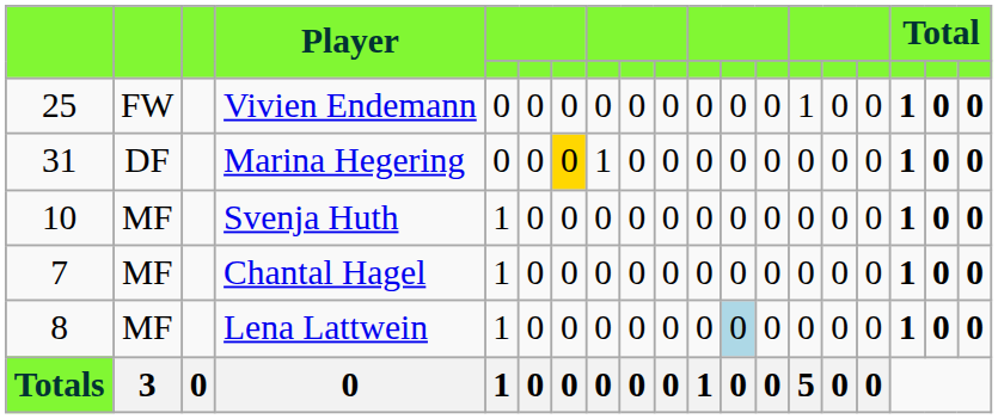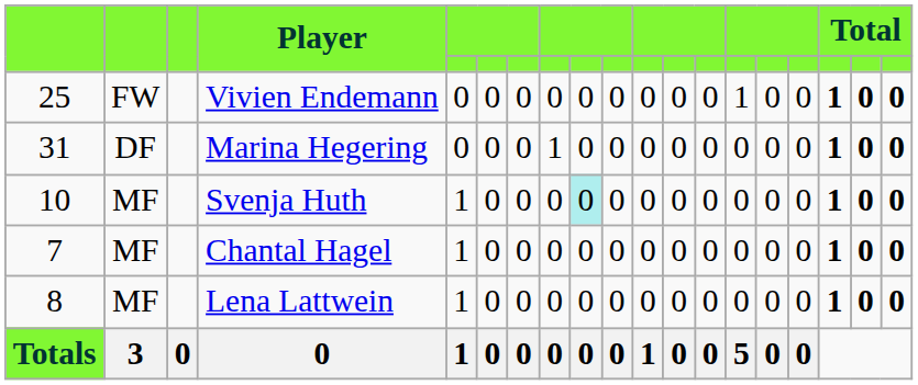 <table class="wikitable" style="text-align:center;">
 <tr>
 <th rowspan=2 style="background:#81F733; color:#003333; "></th>
 <th rowspan=2 style="background:#81F733; color:#003333; "></th>
 <th rowspan=2 style="background:#81F733; color:#003333; "></th>
 <th rowspan=2 style="background:#81F733; color:#003333; ">Player</th>
 <th colspan=3 style="background:#81F733; color:#003333; "></th>
 <th colspan=3 style="background:#81F733; color:#003333; "></th>
 <th colspan=3 style="background:#81F733; color:#003333; "></th>
 <th colspan=3 style="background:#81F733; color:#003333; "></th>
 <th colspan=3 style="background:#81F733; color:#003333; ">Total</th>
 </tr>
 <tr>
 <th style="background:#81F733; color:#003333; "></th>
 <th style="background:#81F733; color:#003333; "></th>
 <th style="background:#81F733; color:#003333; "></th>
 <th style="background:#81F733; color:#003333; "></th>
 <th style="background:#81F733; color:#003333; "></th>
 <th style="background:#81F733; color:#003333; "></th>
 <th style="background:#81F733; color:#003333; "></th>
 <th style="background:#81F733; color:#003333; "></th>
 <th style="background:#81F733; color:#003333; "></th>
 <th style="background:#81F733; color:#003333; "></th>
 <th style="background:#81F733; color:#003333; "></th>
 <th style="background:#81F733; color:#003333; "></th>
 <th style="background:#81F733; color:#003333; "></th>
 <th style="background:#81F733; color:#003333; "></th>
 <th style="background:#81F733; color:#003333; "></th>
 </tr>
 <tr>
 <td>25</td>
 <td>FW</td>
 <td></td>
 <td align="left"><a href='#'>Vivien Endemann</a></td>
 <td>0</td>
 <td>0</td>
 <td>0</td>
 <td>0</td>
 <td>0</td>
 <td>0</td>
 <td>0</td>
 <td>0</td>
 <td>0</td>
 <td>1</td>
 <td>0</td>
 <td>0</td>
 <td><strong>1</strong></td>
 <td><strong>0</strong></td>
 <td><strong>0</strong></td>
 </tr>
 <tr>
 <td>31</td>
 <td>DF</td>
 <td></td>
 <td align="left"><a href='#'>Marina Hegering</a></td>
 <td>0</td>
 <td>0</td>
-<td style="background: gold;">0</td>
+<td>0</td>
 <td>1</td>
 <td>0</td>
 <td>0</td>
 <td>0</td>
 <td>0</td>
 <td>0</td>
 <td>0</td>
 <td>0</td>
 <td>0</td>
 <td><strong>1</strong></td>
 <td><strong>0</strong></td>
 <td><strong>0</strong></td>
 </tr>
 <tr>
 <td>10</td>
 <td>MF</td>
 <td></td>
 <td align="left"><a href='#'>Svenja Huth</a></td>
 <td>1</td>
 <td>0</td>
 <td>0</td>
 <td>0</td>
-<td>0</td>
+<td style="background: paleturquoise;">0</td>
 <td>0</td>
 <td>0</td>
 <td>0</td>
 <td>0</td>
 <td>0</td>
 <td>0</td>
 <td>0</td>
 <td><strong>1</strong></td>
 <td><strong>0</strong></td>
 <td><strong>0</strong></td>
 </tr>
 <tr>
 <td>7</td>
 <td>MF</td>
 <td></td>
 <td align="left"><a href='#'>Chantal Hagel</a></td>
 <td>1</td>
 <td>0</td>
 <td>0</td>
 <td>0</td>
 <td>0</td>
 <td>0</td>
 <td>0</td>
 <td>0</td>
 <td>0</td>
 <td>0</td>
 <td>0</td>
 <td>0</td>
 <td><strong>1</strong></td>
 <td><strong>0</strong></td>
 <td><strong>0</strong></td>
 </tr>
 <tr>
 <td>8</td>
 <td>MF</td>
 <td></td>
 <td align="left"><a href='#'>Lena Lattwein</a></td>
 <td>1</td>
 <td>0</td>
 <td>0</td>
 <td>0</td>
 <td>0</td>
 <td>0</td>
 <td>0</td>
-<td style="background: lightblue;">0</td>
+<td>0</td>
 <td>0</td>
 <td>0</td>
 <td>0</td>
 <td>0</td>
 <td><strong>1</strong></td>
 <td><strong>0</strong></td>
 <td><strong>0</strong></td>
 </tr>
 <tr>
 <th style="background:#81F733; color:#003333; ">Totals</th>
 <th>3</th>
 <th>0</th>
 <th>0</th>
 <th>1</th>
 <th>0</th>
 <th>0</th>
 <th>0</th>
 <th>0</th>
 <th>0</th>
 <th>1</th>
 <th>0</th>
 <th>0</th>
 <th>5</th>
 <th>0</th>
 <th>0</th>
 </tr>
 </table>
